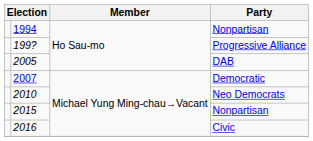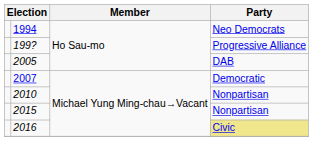 <table class="wikitable">
 <tr>
 <th colspan="2">Election</th>
 <th>Member</th>
 <th>Party</th>
 </tr>
 <tr>
 <td style="color:inherit;background:"></td>
 <td><a href='#'>1994</a></td>
 <td rowspan=3>Ho Sau-mo</td>
-<td><a href='#'>Nonpartisan</a></td>
+<td><a href='#'>Neo Democrats</a></td>
 </tr>
 <tr>
 <td style="color:inherit;background:"></td>
 <td><em>199?</em></td>
 <td><a href='#'>Progressive Alliance</a></td>
 </tr>
 <tr>
 <td style="color:inherit;background:"></td>
 <td><em>2005</em></td>
 <td><a href='#'>DAB</a></td>
 </tr>
 <tr>
 <td style="color:inherit;background:"></td>
 <td><a href='#'>2007</a></td>
 <td rowspan=4>Michael Yung Ming-chau→Vacant</td>
 <td><a href='#'>Democratic</a></td>
 </tr>
 <tr>
 <td style="color:inherit;background:"></td>
 <td><em>2010</em></td>
-<td><a href='#'>Neo Democrats</a></td>
+<td><a href='#'>Nonpartisan</a></td>
 </tr>
 <tr>
 <td style="color:inherit;background:"></td>
 <td><em>2015</em></td>
 <td><a href='#'>Nonpartisan</a></td>
 </tr>
 <tr>
 <td style="color:inherit;background:"></td>
 <td><em>2016</em></td>
-<td><a href='#'>Civic</a></td>
+<td style="background: khaki;"><a href='#'>Civic</a></td>
 </tr>
 <tr>
 </tr>
 </table>
